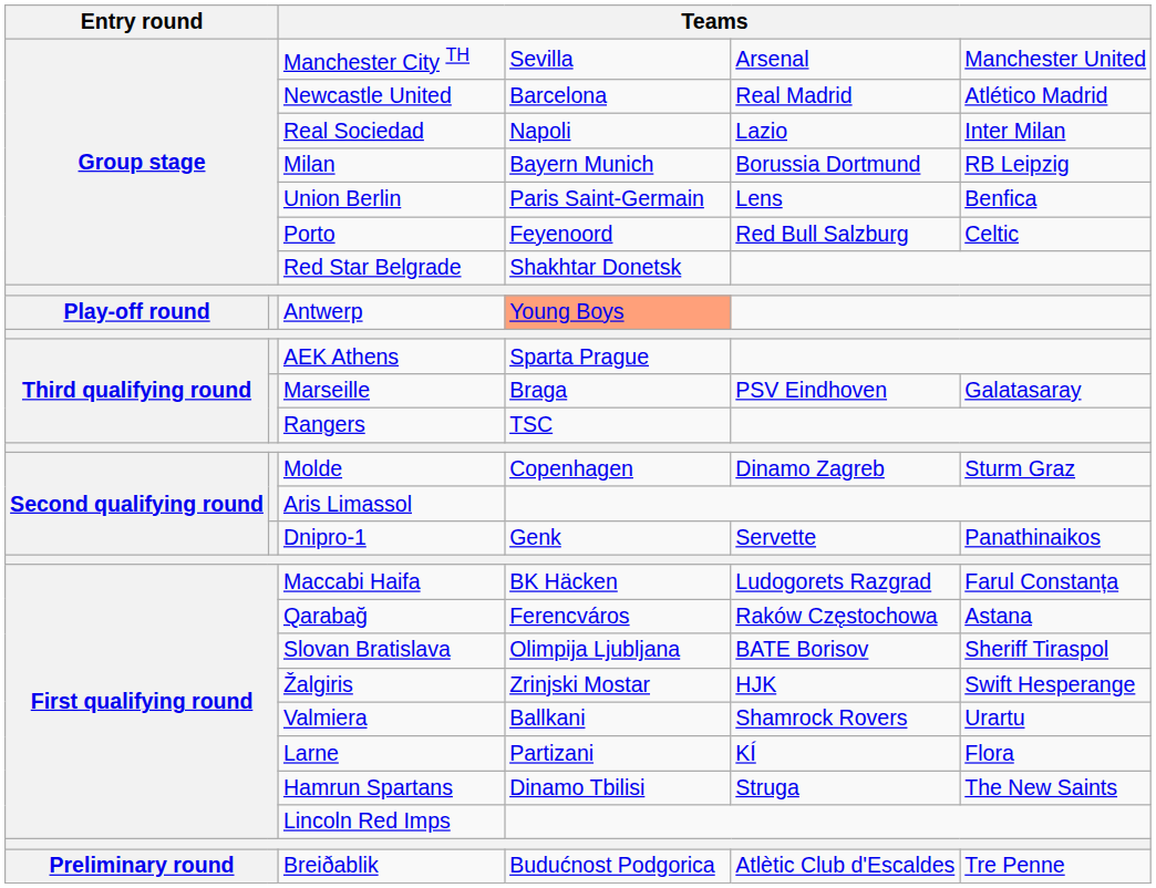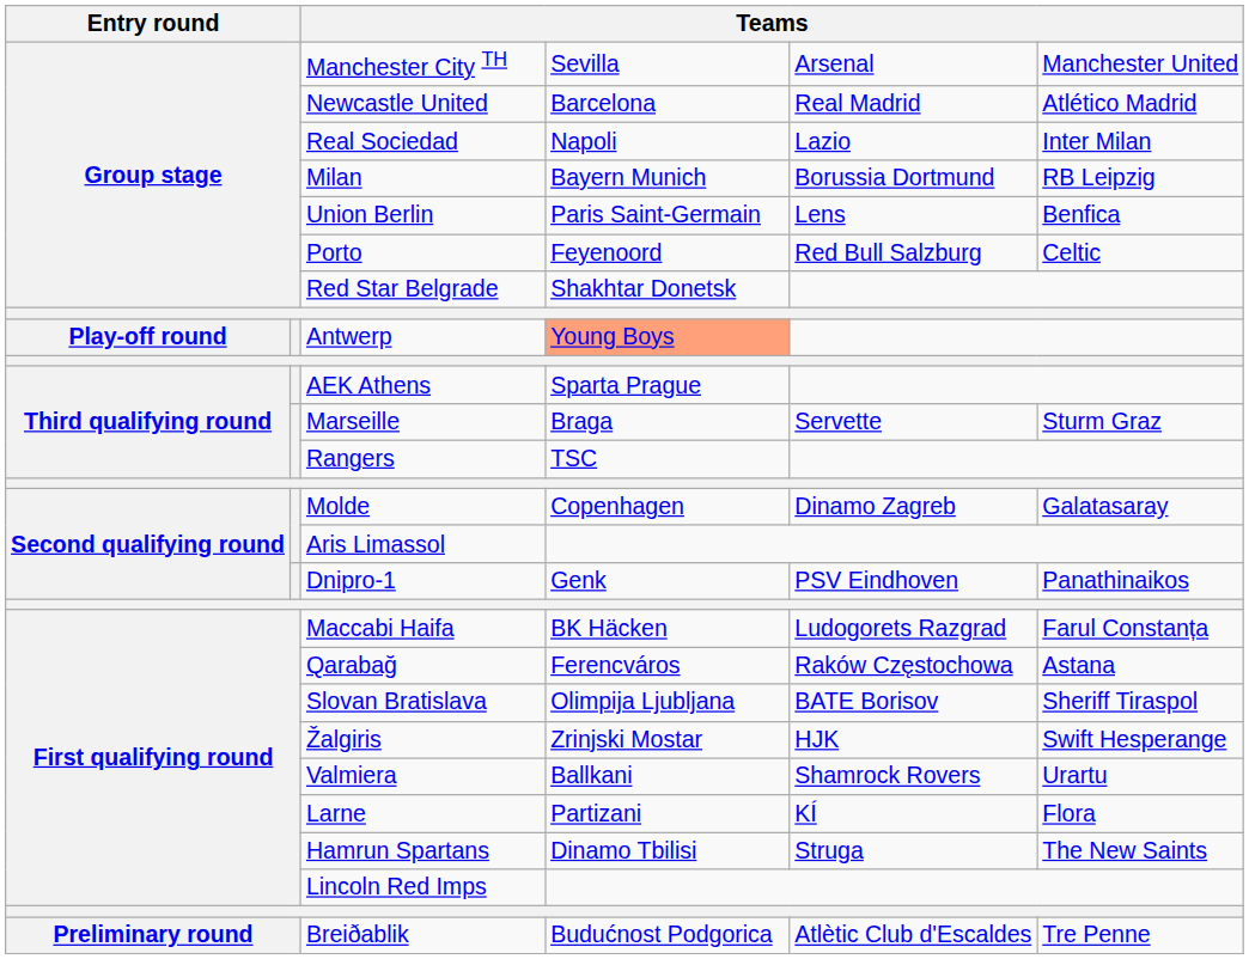 <table class="wikitable">
 <tr>
 <th colspan=2>Entry round</th>
 <th colspan=4>Teams</th>
 </tr>
 <tr>
 <th colspan=2 rowspan=7><a href='#'>Group stage</a></th>
 <td style="min-width:10em"> <a href='#'>Manchester City</a> <sup><a href='#'>TH</a></sup></td>
 <td style="min-width:10em"> <a href='#'>Sevilla</a> </td>
 <td style="min-width:10em"> <a href='#'>Arsenal</a> </td>
 <td> <a href='#'>Manchester United</a> </td>
 </tr>
 <tr>
 <td> <a href='#'>Newcastle United</a> </td>
 <td> <a href='#'>Barcelona</a> </td>
 <td> <a href='#'>Real Madrid</a> </td>
 <td> <a href='#'>Atlético Madrid</a> </td>
 </tr>
 <tr>
 <td> <a href='#'>Real Sociedad</a> </td>
 <td> <a href='#'>Napoli</a> </td>
 <td> <a href='#'>Lazio</a> </td>
 <td> <a href='#'>Inter Milan</a> </td>
 </tr>
 <tr>
 <td> <a href='#'>Milan</a> </td>
 <td> <a href='#'>Bayern Munich</a> </td>
 <td> <a href='#'>Borussia Dortmund</a> </td>
 <td> <a href='#'>RB Leipzig</a> </td>
 </tr>
 <tr>
 <td> <a href='#'>Union Berlin</a> </td>
 <td> <a href='#'>Paris Saint-Germain</a> </td>
 <td> <a href='#'>Lens</a> </td>
 <td> <a href='#'>Benfica</a> </td>
 </tr>
 <tr>
 <td> <a href='#'>Porto</a> </td>
 <td> <a href='#'>Feyenoord</a> </td>
 <td> <a href='#'>Red Bull Salzburg</a> </td>
 <td> <a href='#'>Celtic</a> </td>
 </tr>
 <tr>
 <td> <a href='#'>Red Star Belgrade</a> </td>
 <td> <a href='#'>Shakhtar Donetsk</a> </td>
 <td colspan=2></td>
 </tr>
 <tr>
 <th colspan=6></th>
 </tr>
 <tr>
 <th><a href='#'>Play-off round</a></th>
 <th></th>
 <td> <a href='#'>Antwerp</a> </td>
 <td style="background: lightsalmon;"> <a href='#'>Young Boys</a> </td>
 <td colspan=2></td>
 </tr>
 <tr>
 <th colspan=6></th>
 </tr>
 <tr>
 <th rowspan=3><a href='#'>Third qualifying round</a></th>
 <th></th>
 <td> <a href='#'>AEK Athens</a> </td>
 <td> <a href='#'>Sparta Prague</a> </td>
 <td colspan=2></td>
 </tr>
 <tr>
 <th rowspan=2></th>
 <td> <a href='#'>Marseille</a> </td>
 <td> <a href='#'>Braga</a> </td>
-<td> <a href='#'>PSV Eindhoven</a> </td>
-<td> <a href='#'>Galatasaray</a> </td>
+<td> <a href='#'>Servette</a> </td>
+<td> <a href='#'>Sturm Graz</a> </td>
 </tr>
 <tr>
 <td> <a href='#'>Rangers</a> </td>
 <td> <a href='#'>TSC</a> </td>
 <td colspan=2></td>
 </tr>
 <tr>
 <th colspan=6></th>
 </tr>
 <tr>
 <th rowspan=3><a href='#'>Second qualifying round</a></th>
 <th rowspan=2></th>
 <td> <a href='#'>Molde</a> </td>
 <td> <a href='#'>Copenhagen</a> </td>
 <td> <a href='#'>Dinamo Zagreb</a> </td>
-<td> <a href='#'>Sturm Graz</a> </td>
+<td> <a href='#'>Galatasaray</a> </td>
 </tr>
 <tr>
 <td> <a href='#'>Aris Limassol</a> </td>
 <td colspan=3></td>
 </tr>
 <tr>
 <th rowspan=1></th>
 <td> <a href='#'>Dnipro-1</a> </td>
 <td> <a href='#'>Genk</a> </td>
-<td> <a href='#'>Servette</a> </td>
+<td> <a href='#'>PSV Eindhoven</a> </td>
 <td> <a href='#'>Panathinaikos</a> </td>
 </tr>
 <tr>
 <th colspan=6></th>
 </tr>
 <tr>
 <th colspan=2 rowspan=8><a href='#'>First qualifying round</a></th>
 <td> <a href='#'>Maccabi Haifa</a> </td>
 <td> <a href='#'>BK Häcken</a> </td>
 <td> <a href='#'>Ludogorets Razgrad</a> </td>
 <td> <a href='#'>Farul Constanța</a> </td>
 </tr>
 <tr>
 <td> <a href='#'>Qarabağ</a> </td>
 <td> <a href='#'>Ferencváros</a> </td>
 <td> <a href='#'>Raków Częstochowa</a> </td>
 <td> <a href='#'>Astana</a> </td>
 </tr>
 <tr>
 <td> <a href='#'>Slovan Bratislava</a> </td>
 <td> <a href='#'>Olimpija Ljubljana</a> </td>
 <td> <a href='#'>BATE Borisov</a> </td>
 <td> <a href='#'>Sheriff Tiraspol</a> </td>
 </tr>
 <tr>
 <td> <a href='#'>Žalgiris</a> </td>
 <td> <a href='#'>Zrinjski Mostar</a> </td>
 <td> <a href='#'>HJK</a> </td>
 <td> <a href='#'>Swift Hesperange</a> </td>
 </tr>
 <tr>
 <td> <a href='#'>Valmiera</a> </td>
 <td> <a href='#'>Ballkani</a> </td>
 <td> <a href='#'>Shamrock Rovers</a> </td>
 <td> <a href='#'>Urartu</a> </td>
 </tr>
 <tr>
 <td> <a href='#'>Larne</a> </td>
 <td> <a href='#'>Partizani</a> </td>
 <td> <a href='#'>KÍ</a> </td>
 <td> <a href='#'>Flora</a> </td>
 </tr>
 <tr>
 <td> <a href='#'>Hamrun Spartans</a> </td>
 <td> <a href='#'>Dinamo Tbilisi</a> </td>
 <td> <a href='#'>Struga</a> </td>
 <td> <a href='#'>The New Saints</a> </td>
 </tr>
 <tr>
 <td> <a href='#'>Lincoln Red Imps</a> </td>
 <td colspan=3></td>
 </tr>
 <tr>
 <th colspan=6></th>
 </tr>
 <tr>
 <th colspan=2><a href='#'>Preliminary round</a></th>
 <td> <a href='#'>Breiðablik</a> </td>
 <td> <a href='#'>Budućnost Podgorica</a> </td>
 <td> <a href='#'>Atlètic Club d'Escaldes</a> </td>
 <td> <a href='#'>Tre Penne</a> </td>
 </tr>
 </table>
